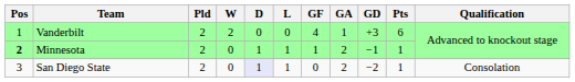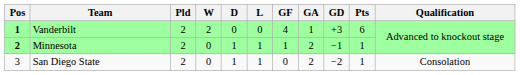 <table class="wikitable" style="text-align:center; margin: 1em auto">
 <tr>
 <th style="width:2em">Pos</th>
 <th style="width:13em">Team</th>
 <th style="width:2em">Pld</th>
 <th style="width:2em">W</th>
 <th style="width:2em">D</th>
 <th style="width:2em">L</th>
 <th style="width:2em">GF</th>
 <th style="width:2em">GA</th>
 <th style="width:2em">GD</th>
 <th style="width:2em">Pts</th>
 <th style="width:13em">Qualification</th>
 </tr>
 <tr bgcolor="#9eff9e">
-<td>1</td>
+<td><strong>1</strong></td>
 <td style="text-align:left">Vanderbilt</td>
 <td>2</td>
 <td>2</td>
 <td>0</td>
 <td>0</td>
 <td>4</td>
 <td>1</td>
 <td>+3</td>
 <td>6</td>
 <td rowspan="2">Advanced to knockout stage</td>
 </tr>
 <tr bgcolor="#9eff9e">
 <td><strong>2</strong></td>
 <td style="text-align:left">Minnesota</td>
 <td>2</td>
 <td>0</td>
 <td>1</td>
 <td>1</td>
 <td>1</td>
 <td>2</td>
 <td>−1</td>
 <td>1</td>
 </tr>
 <tr>
 <td>3</td>
 <td style="text-align:left">San Diego State</td>
 <td>2</td>
 <td>0</td>
-<td style="background: lavender;">1</td>
+<td>1</td>
 <td>1</td>
 <td>0</td>
 <td>2</td>
 <td>−2</td>
 <td>1</td>
 <td>Consolation</td>
 </tr>
 </table>
